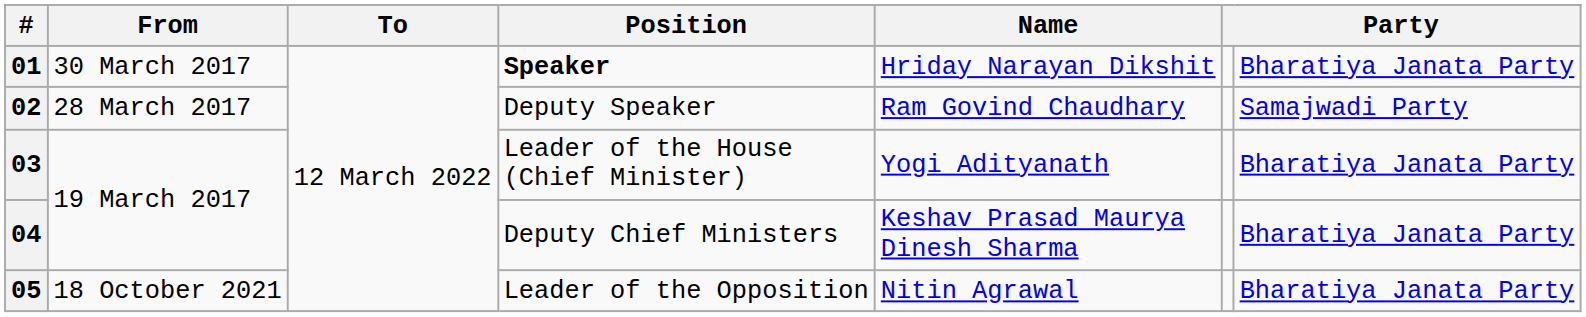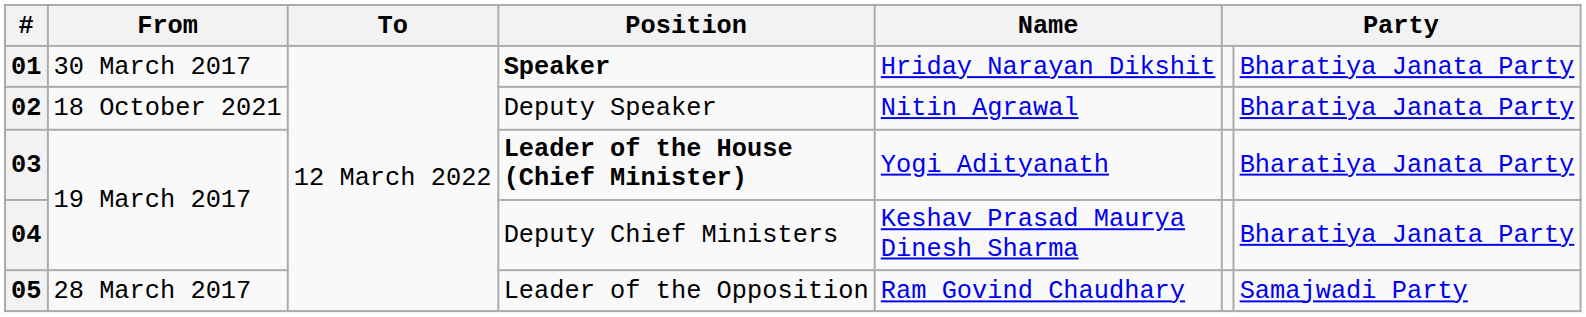 <table class="wikitable sortable">
 <tr>
 <th>#</th>
 <th>From</th>
 <th>To</th>
 <th>Position</th>
 <th>Name</th>
 <th colspan="2">Party</th>
 </tr>
 <tr>
 <th>01</th>
 <td>30 March 2017</td>
 <td rowspan="5">12 March 2022</td>
 <td><strong>Speaker</strong></td>
 <td><a href='#'>Hriday Narayan Dikshit</a></td>
 <td style="background:"></td>
 <td><a href='#'>Bharatiya Janata Party</a></td>
 </tr>
 <tr>
 <th>02</th>
-<td>28 March 2017</td>
+<td>18 October 2021</td>
 <td>Deputy Speaker</td>
-<td><a href='#'>Ram Govind Chaudhary</a></td>
+<td><a href='#'>Nitin Agrawal</a></td>
 <td style="background:"></td>
-<td><a href='#'>Samajwadi Party</a></td>
+<td><a href='#'>Bharatiya Janata Party</a></td>
 </tr>
 <tr>
 <th>03</th>
 <td rowspan="2">19 March 2017</td>
-<td>Leader of the House<br>(Chief Minister)</td>
+<td><strong>Leader of the House<br>(Chief Minister)</strong></td>
 <td><a href='#'>Yogi Adityanath</a></td>
 <td style="background:"></td>
 <td><a href='#'>Bharatiya Janata Party</a></td>
 </tr>
 <tr>
 <th>04</th>
 <td>Deputy Chief Ministers</td>
 <td><a href='#'>Keshav Prasad Maurya</a><br><a href='#'>Dinesh Sharma</a></td>
 <td style="background:"></td>
 <td><a href='#'>Bharatiya Janata Party</a></td>
 </tr>
 <tr>
 <th>05</th>
-<td>18 October 2021</td>
+<td>28 March 2017</td>
 <td>Leader of the Opposition</td>
-<td><a href='#'>Nitin Agrawal</a></td>
+<td><a href='#'>Ram Govind Chaudhary</a></td>
 <td style="background:"></td>
-<td><a href='#'>Bharatiya Janata Party</a></td>
+<td><a href='#'>Samajwadi Party</a></td>
 </tr>
 </table>
